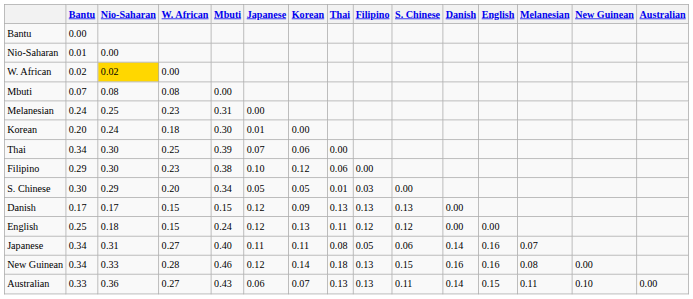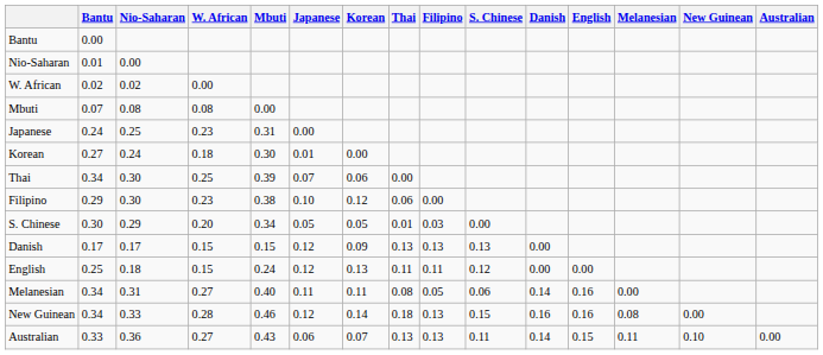 <table class="wikitable">
 <tr>
 <th></th>
 <th><small><a href='#'>Bantu</a></small></th>
 <th><small><a href='#'>Nio-Saharan</a></small></th>
 <th><small><a href='#'>W. African</a></small></th>
 <th><small><a href='#'>Mbuti</a></small></th>
 <th><small><a href='#'>Japanese</a></small></th>
 <th><small><a href='#'>Korean</a></small></th>
 <th><small><a href='#'>Thai</a></small></th>
 <th><small><a href='#'>Filipino</a></small></th>
 <th><small><a href='#'>S. Chinese</a></small></th>
 <th><small><a href='#'>Danish</a></small></th>
 <th><small><a href='#'>English</a></small></th>
 <th><small><a href='#'>Melanesian</a></small></th>
 <th><small><a href='#'>New Guinean</a></small></th>
 <th><small><a href='#'>Australian</a></small></th>
 </tr>
 <tr>
 <td><small>Bantu</small></td>
 <td><small>0.00</small></td>
 <td></td>
 <td></td>
 <td></td>
 <td></td>
 <td></td>
 <td></td>
 <td></td>
 <td></td>
 <td></td>
 <td></td>
 <td></td>
 <td></td>
 <td></td>
 </tr>
 <tr>
 <td><small>Nio-Saharan</small></td>
 <td><small>0.01</small></td>
 <td><small>0.00</small></td>
 <td></td>
 <td></td>
 <td></td>
 <td></td>
 <td></td>
 <td></td>
 <td></td>
 <td></td>
 <td></td>
 <td></td>
 <td></td>
 <td></td>
 </tr>
 <tr>
 <td><small>W. African</small></td>
 <td><small>0.02</small></td>
-<td style="background: gold;"><small>0.02</small></td>
+<td><small>0.02</small></td>
 <td><small>0.00</small></td>
 <td></td>
 <td></td>
 <td></td>
 <td></td>
 <td></td>
 <td></td>
 <td></td>
 <td></td>
 <td></td>
 <td></td>
 <td></td>
 </tr>
 <tr>
 <td><small>Mbuti</small></td>
 <td><small>0.07</small></td>
 <td><small>0.08</small></td>
 <td><small>0.08</small></td>
 <td><small>0.00</small></td>
 <td></td>
 <td></td>
 <td></td>
 <td></td>
 <td></td>
 <td></td>
 <td></td>
 <td></td>
 <td></td>
 <td></td>
 </tr>
 <tr>
-<td><small>Melanesian</small></td>
+<td><small>Japanese</small></td>
 <td><small>0.24</small></td>
 <td><small>0.25</small></td>
 <td><small>0.23</small></td>
 <td><small>0.31</small></td>
 <td><small>0.00</small></td>
 <td></td>
 <td></td>
 <td></td>
 <td></td>
 <td></td>
 <td></td>
 <td></td>
 <td></td>
 <td></td>
 </tr>
 <tr>
 <td><small>Korean</small></td>
-<td><small>0.20</small></td>
+<td><small>0.27</small></td>
 <td><small>0.24</small></td>
 <td><small>0.18</small></td>
 <td><small>0.30</small></td>
 <td><small>0.01</small></td>
 <td><small>0.00</small></td>
 <td></td>
 <td></td>
 <td></td>
 <td></td>
 <td></td>
 <td></td>
 <td></td>
 <td></td>
 </tr>
 <tr>
 <td><small>Thai</small></td>
 <td><small>0.34</small></td>
 <td><small>0.30</small></td>
 <td><small>0.25</small></td>
 <td><small>0.39</small></td>
 <td><small>0.07</small></td>
 <td><small>0.06</small></td>
 <td><small>0.00</small></td>
 <td></td>
 <td></td>
 <td></td>
 <td></td>
 <td></td>
 <td></td>
 <td></td>
 </tr>
 <tr>
 <td><small>Filipino</small></td>
 <td><small>0.29</small></td>
 <td><small>0.30</small></td>
 <td><small>0.23</small></td>
 <td><small>0.38</small></td>
 <td><small>0.10</small></td>
 <td><small>0.12</small></td>
 <td><small>0.06</small></td>
 <td><small>0.00</small></td>
 <td></td>
 <td></td>
 <td></td>
 <td></td>
 <td></td>
 <td></td>
 </tr>
 <tr>
 <td><small>S. Chinese</small></td>
 <td><small>0.30</small></td>
 <td><small>0.29</small></td>
 <td><small>0.20</small></td>
 <td><small>0.34</small></td>
 <td><small>0.05</small></td>
 <td><small>0.05</small></td>
 <td><small>0.01</small></td>
 <td><small>0.03</small></td>
 <td><small>0.00</small></td>
 <td></td>
 <td></td>
 <td></td>
 <td></td>
 <td></td>
 </tr>
 <tr>
 <td><small>Danish</small></td>
 <td><small>0.17</small></td>
 <td><small>0.17</small></td>
 <td><small>0.15</small></td>
 <td><small>0.15</small></td>
 <td><small>0.12</small></td>
 <td><small>0.09</small></td>
 <td><small>0.13</small></td>
 <td><small>0.13</small></td>
 <td><small>0.13</small></td>
 <td><small>0.00</small></td>
 <td></td>
 <td></td>
 <td></td>
 <td></td>
 </tr>
 <tr>
 <td><small>English</small></td>
 <td><small>0.25</small></td>
 <td><small>0.18</small></td>
 <td><small>0.15</small></td>
 <td><small>0.24</small></td>
 <td><small>0.12</small></td>
 <td><small>0.13</small></td>
 <td><small>0.11</small></td>
-<td><small>0.12</small></td>
+<td><small>0.11</small></td>
 <td><small>0.12</small></td>
 <td><small>0.00</small></td>
 <td><small>0.00</small></td>
 <td></td>
 <td></td>
 <td></td>
 </tr>
 <tr>
-<td><small>Japanese</small></td>
+<td><small>Melanesian</small></td>
 <td><small>0.34</small></td>
 <td><small>0.31</small></td>
 <td><small>0.27</small></td>
 <td><small>0.40</small></td>
 <td><small>0.11</small></td>
 <td><small>0.11</small></td>
 <td><small>0.08</small></td>
 <td><small>0.05</small></td>
 <td><small>0.06</small></td>
 <td><small>0.14</small></td>
 <td><small>0.16</small></td>
-<td><small>0.07</small></td>
+<td><small>0.00</small></td>
 <td></td>
 <td></td>
 </tr>
 <tr>
 <td><small>New Guinean</small></td>
 <td><small>0.34</small></td>
 <td><small>0.33</small></td>
 <td><small>0.28</small></td>
 <td><small>0.46</small></td>
 <td><small>0.12</small></td>
 <td><small>0.14</small></td>
 <td><small>0.18</small></td>
 <td><small>0.13</small></td>
 <td><small>0.15</small></td>
 <td><small>0.16</small></td>
 <td><small>0.16</small></td>
 <td><small>0.08</small></td>
 <td><small>0.00</small></td>
 <td></td>
 </tr>
 <tr>
 <td><small>Australian</small></td>
 <td><small>0.33</small></td>
 <td><small>0.36</small></td>
 <td><small>0.27</small></td>
 <td><small>0.43</small></td>
 <td><small>0.06</small></td>
 <td><small>0.07</small></td>
 <td><small>0.13</small></td>
 <td><small>0.13</small></td>
 <td><small>0.11</small></td>
 <td><small>0.14</small></td>
 <td><small>0.15</small></td>
 <td><small>0.11</small></td>
 <td><small>0.10</small></td>
 <td><small>0.00</small></td>
 </tr>
 </table>
